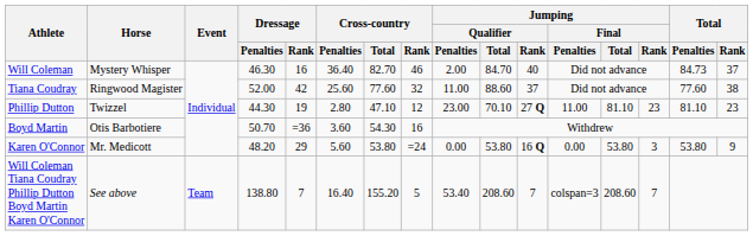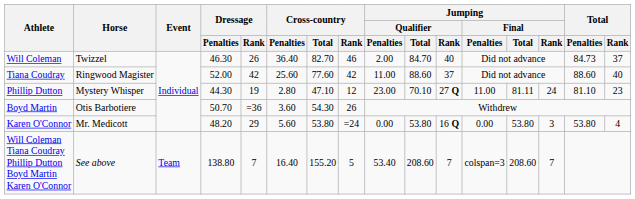 <table class=wikitable style=font-size:90%;text-align:center>
 <tr>
 <th rowspan=3>Athlete</th>
 <th rowspan=3>Horse</th>
 <th rowspan=3>Event</th>
 <th colspan=2 rowspan=2>Dressage</th>
 <th colspan=3 rowspan=2>Cross-country</th>
 <th colspan=6>Jumping</th>
 <th colspan=2 rowspan=2>Total</th>
 </tr>
 <tr style=font-size:95%>
 <th colspan=3>Qualifier</th>
 <th colspan=3>Final</th>
 </tr>
 <tr style=font-size:95%>
 <th>Penalties</th>
 <th>Rank</th>
 <th>Penalties</th>
 <th>Total</th>
 <th>Rank</th>
 <th>Penalties</th>
 <th>Total</th>
 <th>Rank</th>
 <th>Penalties</th>
 <th>Total</th>
 <th>Rank</th>
 <th>Penalties</th>
 <th>Rank</th>
 </tr>
 <tr>
 <td align=left><a href='#'>Will Coleman</a></td>
-<td align=left>Mystery Whisper</td>
+<td align=left>Twizzel</td>
 <td align=left rowspan=5><a href='#'>Individual</a></td>
 <td>46.30</td>
-<td>16</td>
+<td>26</td>
 <td>36.40</td>
 <td>82.70</td>
 <td>46</td>
 <td>2.00</td>
 <td>84.70</td>
 <td>40</td>
 <td colspan=3>Did not advance</td>
 <td>84.73</td>
 <td>37</td>
 </tr>
 <tr>
 <td align=left><a href='#'>Tiana Coudray</a></td>
 <td align=left>Ringwood Magister</td>
 <td>52.00</td>
 <td>42</td>
 <td>25.60</td>
 <td>77.60</td>
-<td>32</td>
+<td>42</td>
 <td>11.00</td>
 <td>88.60</td>
 <td>37</td>
 <td colspan=3>Did not advance</td>
-<td>77.60</td>
-<td>38</td>
+<td>88.60</td>
+<td>40</td>
 </tr>
 <tr>
 <td align=left><a href='#'>Phillip Dutton</a></td>
-<td align=left>Twizzel</td>
+<td align=left>Mystery Whisper</td>
 <td>44.30</td>
 <td>19</td>
 <td>2.80</td>
 <td>47.10</td>
 <td>12</td>
 <td>23.00</td>
 <td>70.10</td>
 <td>27 <strong>Q</strong></td>
 <td>11.00</td>
-<td>81.10</td>
-<td>23</td>
+<td>81.11</td>
+<td>24</td>
 <td>81.10</td>
 <td>23</td>
 </tr>
 <tr>
 <td align=left><a href='#'>Boyd Martin</a></td>
 <td align=left>Otis Barbotiere</td>
 <td>50.70</td>
 <td>=36</td>
 <td>3.60</td>
 <td>54.30</td>
-<td>16</td>
+<td>26</td>
 <td colspan=8>Withdrew</td>
 </tr>
 <tr>
 <td align=left><a href='#'>Karen O'Connor</a></td>
 <td align=left>Mr. Medicott</td>
 <td>48.20</td>
 <td>29</td>
 <td>5.60</td>
 <td>53.80</td>
 <td>=24</td>
 <td>0.00</td>
 <td>53.80</td>
 <td>16 <strong>Q</strong></td>
 <td>0.00</td>
 <td>53.80</td>
 <td>3</td>
 <td>53.80</td>
-<td>9</td>
+<td>4</td>
 </tr>
 <tr>
 <td align=left><a href='#'>Will Coleman</a><br><a href='#'>Tiana Coudray</a><br><a href='#'>Phillip Dutton</a><br><a href='#'>Boyd Martin</a><br><a href='#'>Karen O'Connor</a></td>
 <td align=left><em>See above</em></td>
 <td align=left><a href='#'>Team</a></td>
 <td>138.80</td>
 <td>7</td>
 <td>16.40</td>
 <td>155.20</td>
 <td>5</td>
 <td>53.40</td>
 <td>208.60</td>
 <td>7</td>
 <td>colspan=3 </td>
 <td>208.60</td>
 <td>7</td>
 </tr>
 </table>
